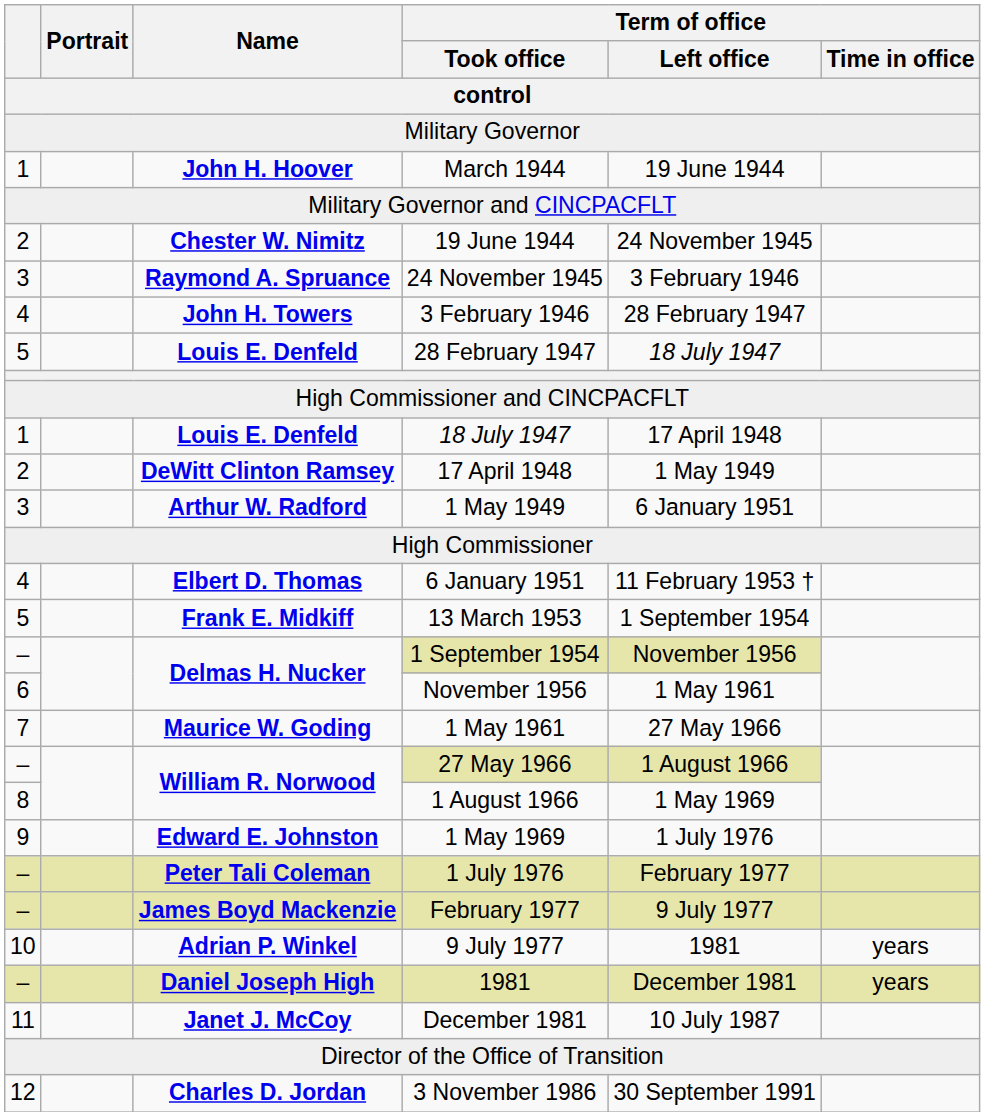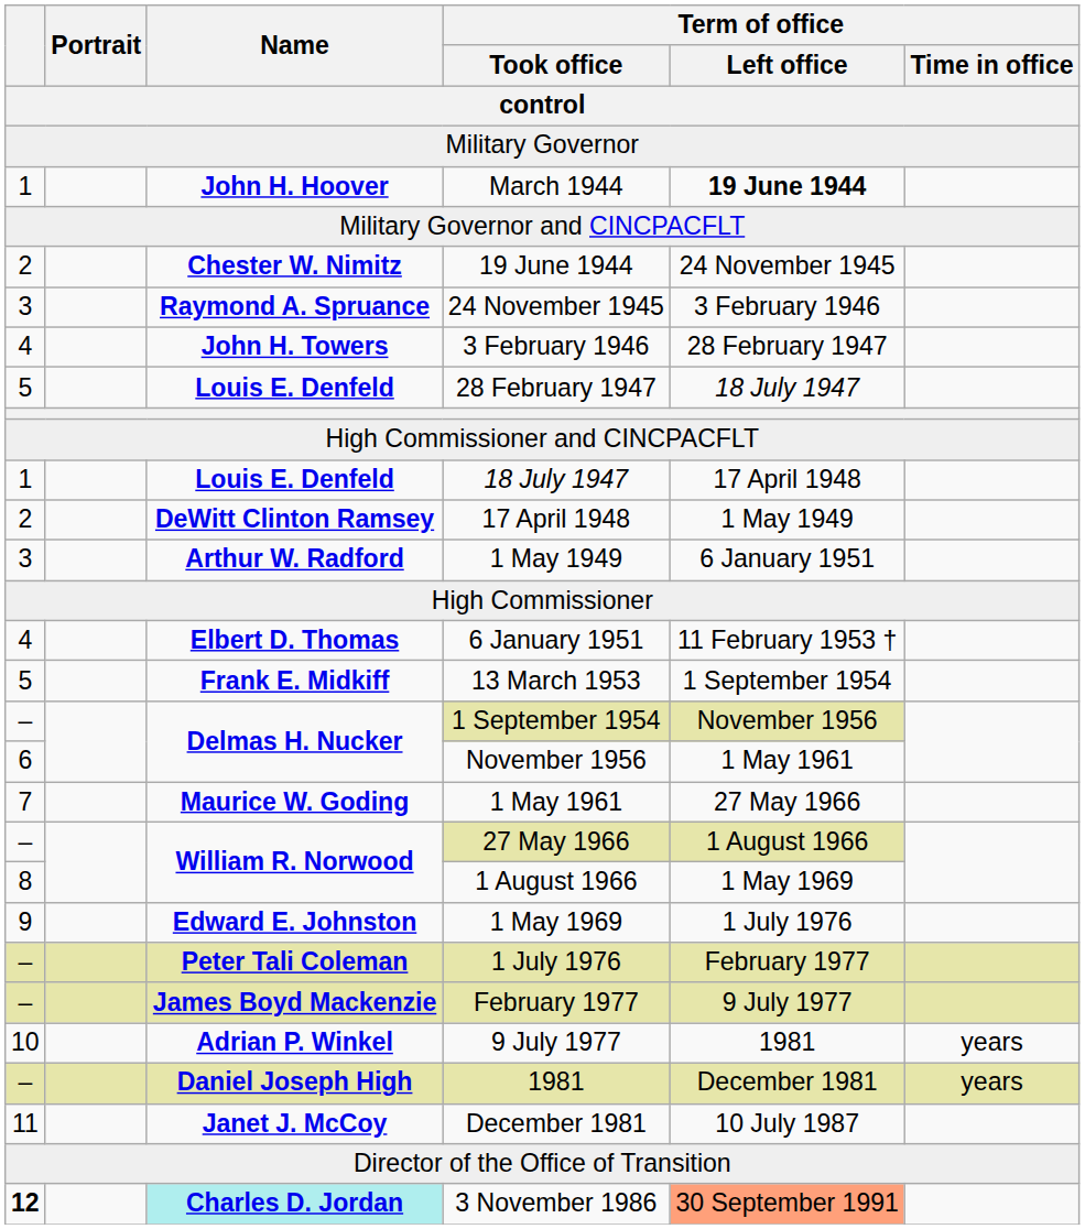 <table class="wikitable" style="text-align:center">
 <tr>
 <th rowspan=2></th>
 <th rowspan=2>Portrait</th>
 <th rowspan=2>Name<br></th>
 <th colspan=3>Term of office</th>
 </tr>
 <tr>
 <th>Took office</th>
 <th>Left office</th>
 <th>Time in office</th>
 </tr>
 <tr>
 <th colspan=6> control</th>
 </tr>
 <tr style="background:#efefef;">
 <td colspan=6>Military Governor</td>
 </tr>
 <tr>
 <td>1</td>
 <td></td>
 <td><strong><a href='#'>John H. Hoover</a></strong><br></td>
 <td>March 1944</td>
-<td>19 June 1944</td>
+<td><strong>19 June 1944</strong></td>
 <td></td>
 </tr>
 <tr style="background:#efefef;">
 <td colspan=6>Military Governor and  <a href='#'>CINCPACFLT</a></td>
 </tr>
 <tr>
 <td>2</td>
 <td></td>
 <td><strong><a href='#'>Chester W. Nimitz</a></strong><br></td>
 <td>19 June 1944</td>
 <td>24 November 1945</td>
 <td></td>
 </tr>
 <tr>
 <td>3</td>
 <td></td>
 <td><strong><a href='#'>Raymond A. Spruance</a></strong><br></td>
 <td>24 November 1945</td>
 <td>3 February 1946</td>
 <td></td>
 </tr>
 <tr>
 <td>4</td>
 <td></td>
 <td><strong><a href='#'>John H. Towers</a></strong><br></td>
 <td>3 February 1946</td>
 <td>28 February 1947</td>
 <td></td>
 </tr>
 <tr>
 <td>5</td>
 <td></td>
 <td><strong><a href='#'>Louis E. Denfeld</a></strong><br></td>
 <td>28 February 1947</td>
 <td><em>18 July 1947</em></td>
 <td></td>
 </tr>
 <tr>
 <th colspan=6></th>
 </tr>
 <tr style="background:#efefef;">
 <td colspan=6>High Commissioner and  CINCPACFLT</td>
 </tr>
 <tr>
 <td>1</td>
 <td></td>
 <td><strong><a href='#'>Louis E. Denfeld</a></strong><br></td>
 <td><em>18 July 1947</em></td>
 <td>17 April 1948</td>
 <td></td>
 </tr>
 <tr>
 <td>2</td>
 <td></td>
 <td><strong><a href='#'>DeWitt Clinton Ramsey</a></strong><br></td>
 <td>17 April 1948</td>
 <td>1 May 1949</td>
 <td></td>
 </tr>
 <tr>
 <td>3</td>
 <td></td>
 <td><strong><a href='#'>Arthur W. Radford</a></strong><br></td>
 <td>1 May 1949</td>
 <td>6 January 1951</td>
 <td></td>
 </tr>
 <tr style="background:#efefef;">
 <td colspan=6>High Commissioner</td>
 </tr>
 <tr>
 <td>4</td>
 <td></td>
 <td><strong><a href='#'>Elbert D. Thomas</a></strong><br></td>
 <td>6 January 1951</td>
 <td>11 February 1953 †</td>
 <td></td>
 </tr>
 <tr>
 <td>5</td>
 <td></td>
 <td><strong><a href='#'>Frank E. Midkiff</a></strong><br></td>
 <td>13 March 1953</td>
 <td>1 September 1954</td>
 <td></td>
 </tr>
 <tr>
 <td>–</td>
 <td rowspan=2></td>
 <td rowspan=2><strong><a href='#'>Delmas H. Nucker</a></strong><br></td>
 <td style="background:#e6e6aa;">1 September 1954</td>
 <td style="background:#e6e6aa;">November 1956</td>
 <td rowspan=2></td>
 </tr>
 <tr>
 <td>6</td>
 <td>November 1956</td>
 <td>1 May 1961</td>
 </tr>
 <tr>
 <td>7</td>
 <td></td>
 <td><strong><a href='#'>Maurice W. Goding</a></strong><br></td>
 <td>1 May 1961</td>
 <td>27 May 1966</td>
 <td></td>
 </tr>
 <tr>
 <td>–</td>
 <td rowspan=2></td>
 <td rowspan=2><strong><a href='#'>William R. Norwood</a></strong><br></td>
 <td style="background:#e6e6aa;">27 May 1966</td>
 <td style="background:#e6e6aa;">1 August 1966</td>
 <td rowspan=2></td>
 </tr>
 <tr>
 <td>8</td>
 <td>1 August 1966</td>
 <td>1 May 1969</td>
 </tr>
 <tr>
 <td>9</td>
 <td></td>
 <td><strong><a href='#'>Edward E. Johnston</a></strong><br></td>
 <td>1 May 1969</td>
 <td>1 July 1976</td>
 <td></td>
 </tr>
 <tr style="background:#e6e6aa;">
 <td>–</td>
 <td></td>
 <td><strong><a href='#'>Peter Tali Coleman</a></strong><br></td>
 <td>1 July 1976</td>
 <td>February 1977</td>
 <td></td>
 </tr>
 <tr style="background:#e6e6aa;">
 <td>–</td>
 <td></td>
 <td><strong><a href='#'>James Boyd Mackenzie</a></strong><br></td>
 <td>February 1977</td>
 <td>9 July 1977</td>
 <td></td>
 </tr>
 <tr>
 <td>10</td>
 <td></td>
 <td><strong><a href='#'>Adrian P. Winkel</a></strong><br></td>
 <td>9 July 1977</td>
 <td>1981</td>
 <td> years</td>
 </tr>
 <tr style="background:#e6e6aa;">
 <td>–</td>
 <td></td>
 <td><strong><a href='#'>Daniel Joseph High</a></strong><br></td>
 <td>1981</td>
 <td>December 1981</td>
 <td> years</td>
 </tr>
 <tr>
 <td>11</td>
 <td></td>
 <td><strong><a href='#'>Janet J. McCoy</a></strong><br></td>
 <td>December 1981</td>
 <td>10 July 1987</td>
 <td></td>
 </tr>
 <tr style="background:#efefef;">
 <td colspan=6>Director of the Office of Transition</td>
 </tr>
 <tr>
-<td>12</td>
+<td><strong>12</strong></td>
 <td></td>
-<td><strong><a href='#'>Charles D. Jordan</a></strong></td>
+<td style="background: paleturquoise;"><strong><a href='#'>Charles D. Jordan</a></strong></td>
 <td>3 November 1986</td>
-<td>30 September 1991</td>
+<td style="background: lightsalmon;">30 September 1991</td>
 <td></td>
 </tr>
 </table>
